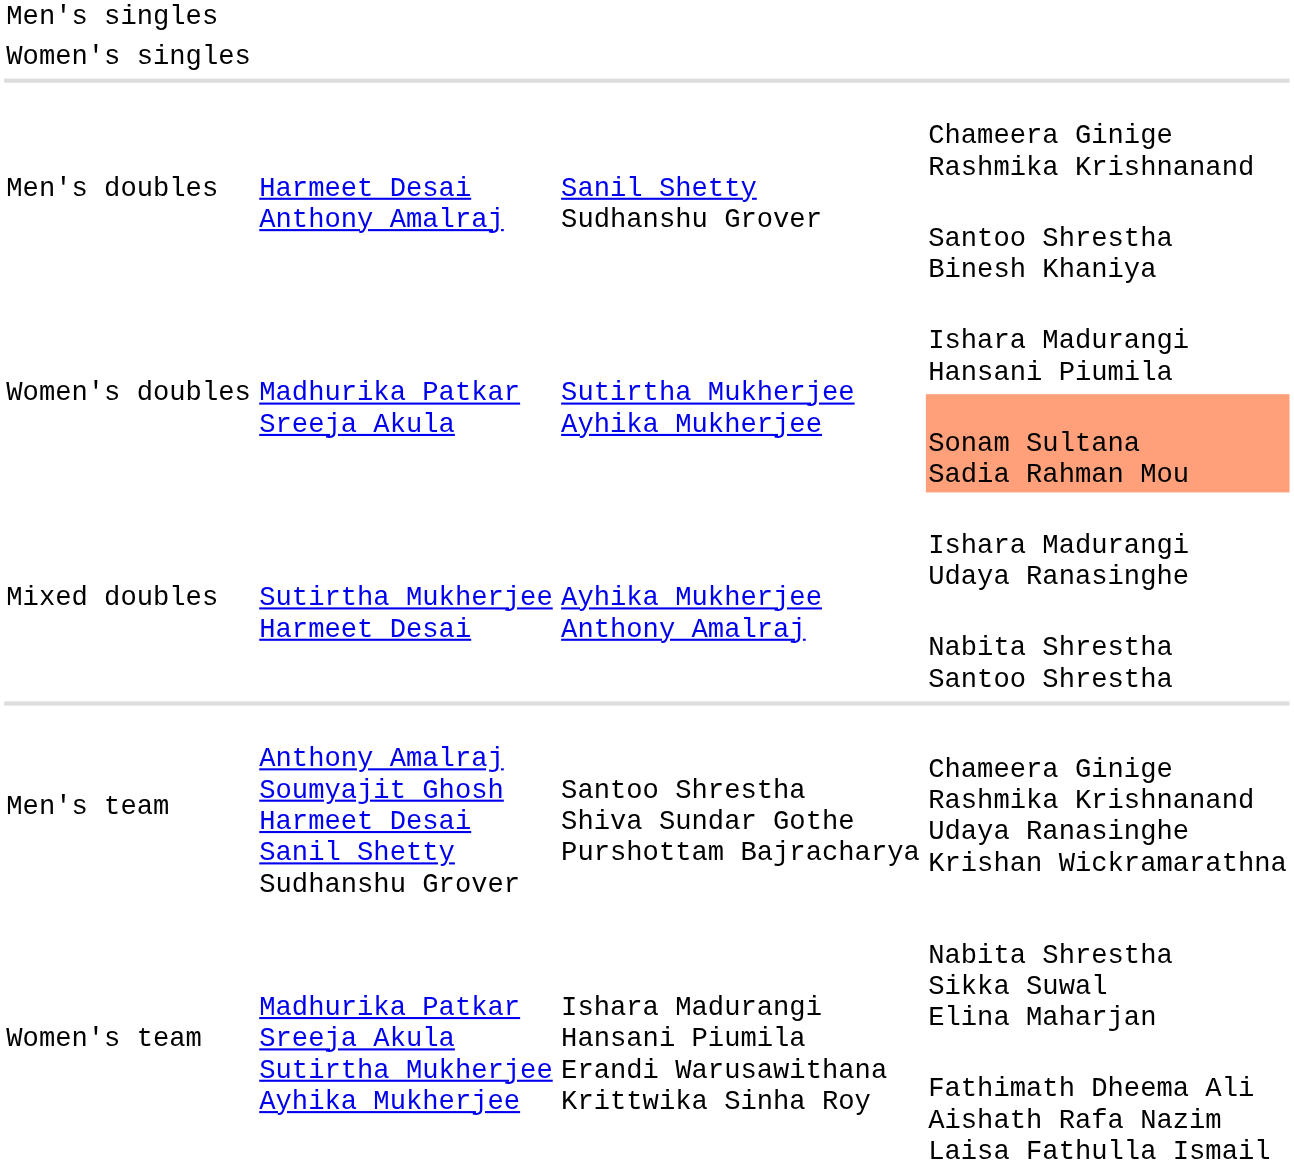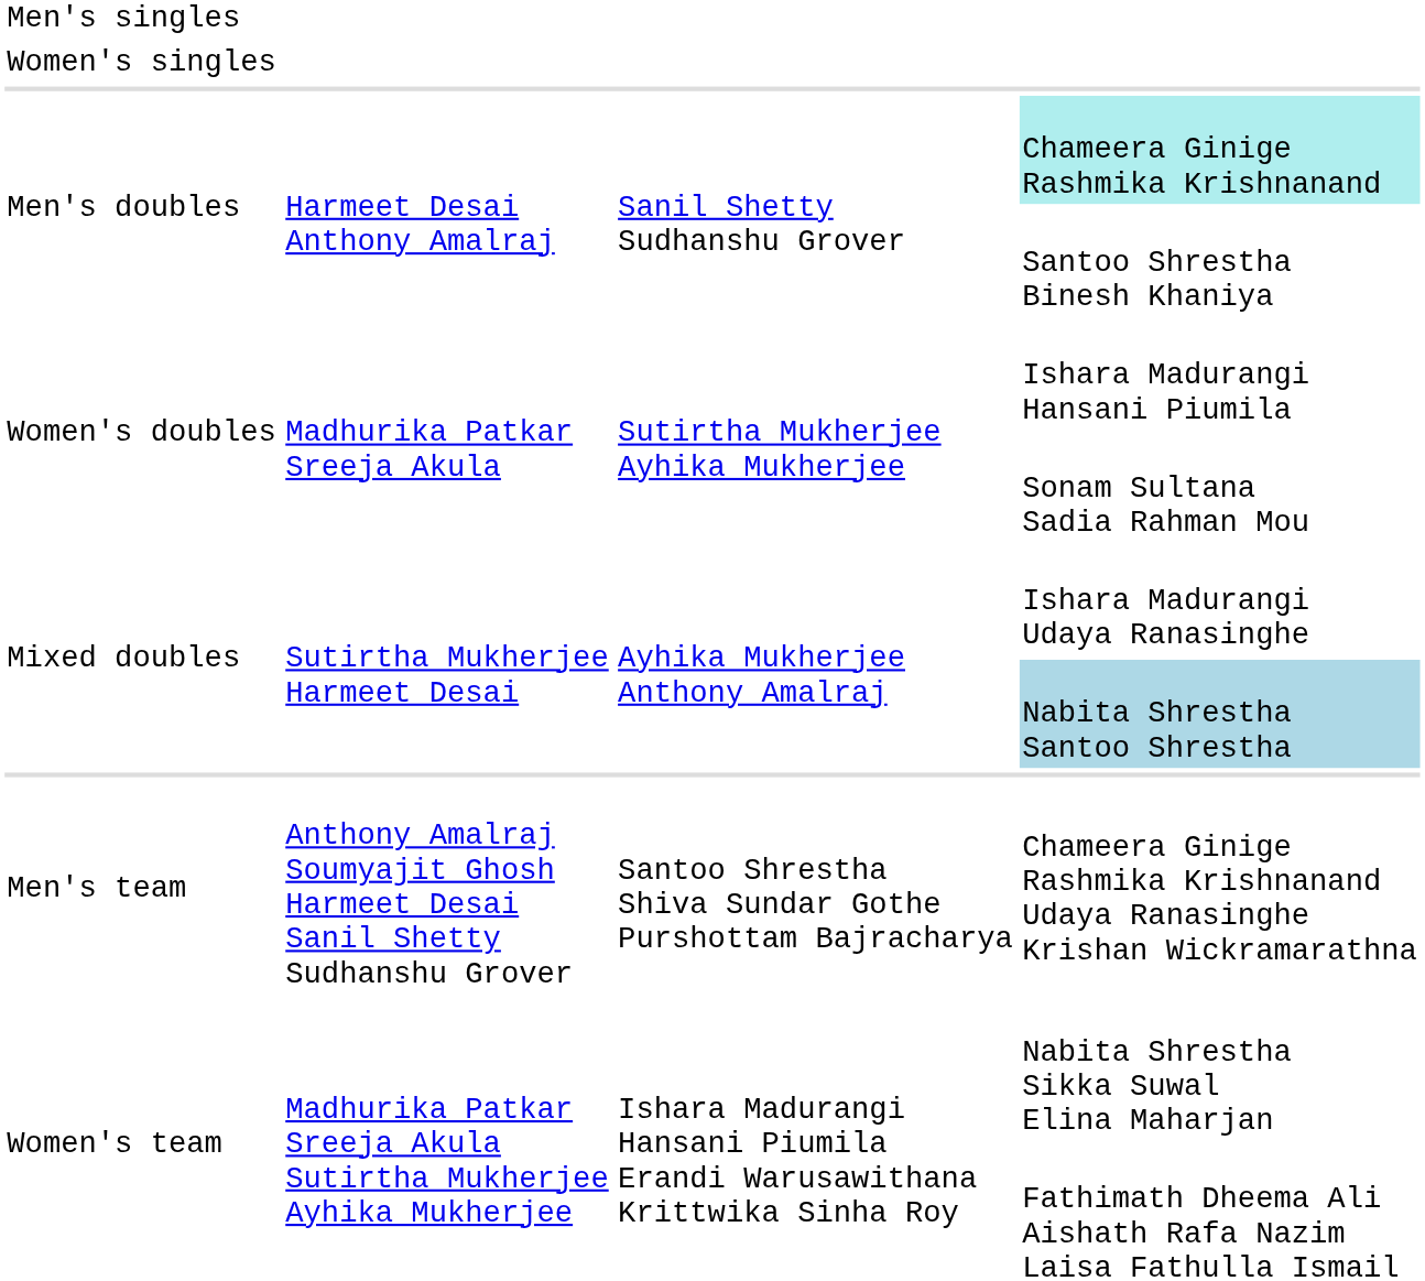 <table>
 <tr>
 <td rowspan=2>Men's singles</td>
 <td rowspan=2></td>
 <td rowspan=2></td>
 <td></td>
 </tr>
 <tr>
 <td></td>
 </tr>
 <tr>
 <td rowspan=2>Women's singles</td>
 <td rowspan=2></td>
 <td rowspan=2></td>
 <td></td>
 </tr>
 <tr>
 <td></td>
 </tr>
 <tr style="background:#dddddd;">
 <td colspan=4></td>
 </tr>
 <tr>
 <td rowspan=2>Men's doubles</td>
 <td rowspan=2><br><a href='#'>Harmeet Desai</a><br><a href='#'>Anthony Amalraj</a></td>
 <td rowspan=2><br><a href='#'>Sanil Shetty</a><br>Sudhanshu Grover</td>
-<td><br>Chameera Ginige<br>Rashmika Krishnanand</td>
+<td style="background: paleturquoise;"><br>Chameera Ginige<br>Rashmika Krishnanand</td>
 </tr>
 <tr>
 <td><br>Santoo Shrestha<br>Binesh Khaniya</td>
 </tr>
 <tr>
 <td rowspan=2>Women's doubles</td>
 <td rowspan=2><br><a href='#'>Madhurika Patkar</a><br><a href='#'>Sreeja Akula</a></td>
 <td rowspan=2><br><a href='#'>Sutirtha Mukherjee</a><br><a href='#'>Ayhika Mukherjee</a></td>
 <td><br>Ishara Madurangi<br>Hansani Piumila</td>
 </tr>
 <tr>
-<td style="background: lightsalmon;"><br>Sonam Sultana<br>Sadia Rahman Mou</td>
+<td><br>Sonam Sultana<br>Sadia Rahman Mou</td>
 </tr>
 <tr>
 <td rowspan=2>Mixed doubles</td>
 <td rowspan=2><br><a href='#'>Sutirtha Mukherjee</a><br><a href='#'>Harmeet Desai</a></td>
 <td rowspan=2><br><a href='#'>Ayhika Mukherjee</a><br><a href='#'>Anthony Amalraj</a></td>
 <td><br>Ishara Madurangi<br>Udaya Ranasinghe</td>
 </tr>
 <tr>
-<td><br>Nabita Shrestha<br>Santoo Shrestha</td>
+<td style="background: lightblue;"><br>Nabita Shrestha<br>Santoo Shrestha</td>
 </tr>
 <tr style="background:#dddddd;">
 <td colspan=4></td>
 </tr>
 <tr>
 <td rowspan=2>Men's team</td>
 <td rowspan=2><br><a href='#'>Anthony Amalraj</a><br><a href='#'>Soumyajit Ghosh</a><br><a href='#'>Harmeet Desai</a><br><a href='#'>Sanil Shetty</a><br>Sudhanshu Grover</td>
 <td rowspan=2><br>Santoo Shrestha<br>Shiva Sundar Gothe<br>Purshottam Bajracharya</td>
 <td><br>Chameera Ginige<br>Rashmika Krishnanand<br>Udaya Ranasinghe<br>Krishan Wickramarathna</td>
 </tr>
 <tr>
 <td></td>
 </tr>
 <tr>
 <td rowspan=2>Women's team</td>
 <td rowspan=2><br><a href='#'>Madhurika Patkar</a><br><a href='#'>Sreeja Akula</a><br><a href='#'>Sutirtha Mukherjee</a><br><a href='#'>Ayhika Mukherjee</a></td>
 <td rowspan=2><br>Ishara Madurangi<br>Hansani Piumila<br>Erandi Warusawithana<br>Krittwika Sinha Roy</td>
 <td><br>Nabita Shrestha<br>Sikka Suwal<br>Elina Maharjan</td>
 </tr>
 <tr>
 <td><br>Fathimath Dheema Ali<br>Aishath Rafa Nazim<br>Laisa Fathulla Ismail</td>
 </tr>
 </table>
